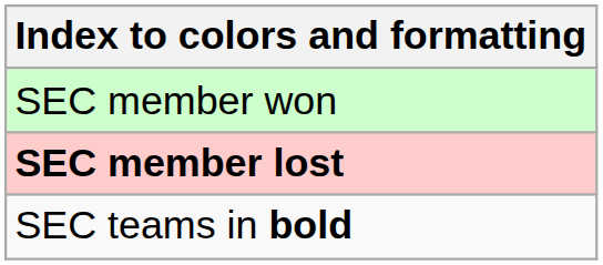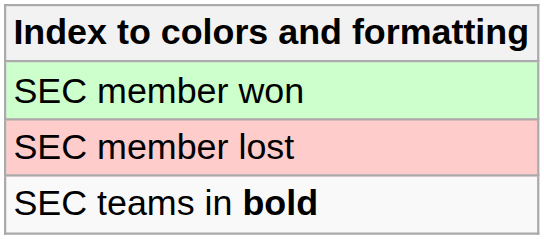 <table class="wikitable">
 <tr>
 <th>Index to colors and formatting</th>
 </tr>
 <tr bgcolor= #ccffcc>
 <td>SEC member won</td>
 </tr>
 <tr bgcolor=#ffcccc>
-<td><strong>SEC member lost</strong></td>
+<td>SEC member lost</td>
 </tr>
 <tr>
 <td>SEC teams in <strong>bold</strong></td>
 </tr>
 </table>
